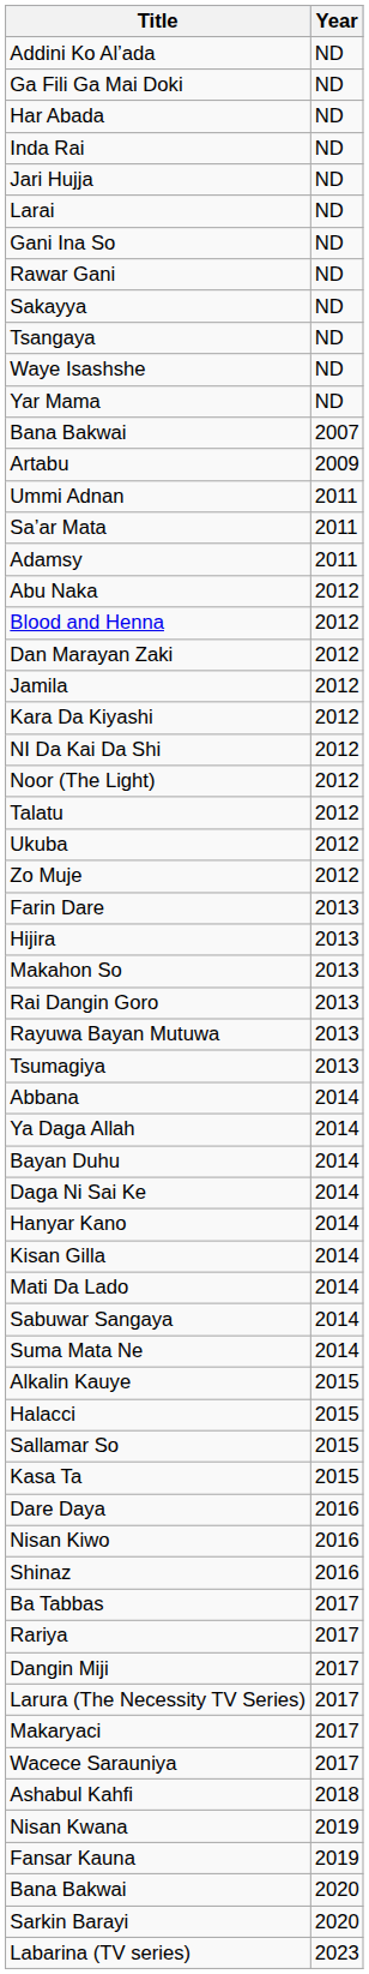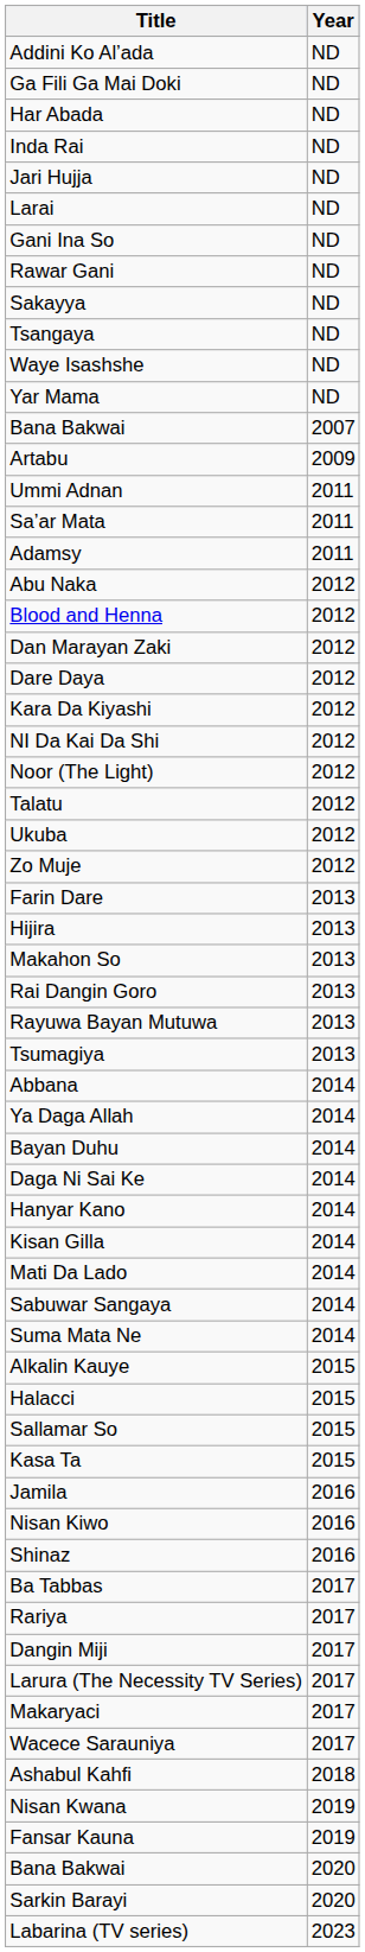 <table class="wikitable sortable">
 <tr style="background:#b0c4de; text-align:center;">
 <th>Title</th>
 <th>Year</th>
 </tr>
 <tr>
 <td>Addini Ko Al’ada</td>
 <td>ND</td>
 </tr>
 <tr>
 <td>Ga Fili Ga Mai Doki</td>
 <td>ND</td>
 </tr>
 <tr>
 <td>Har Abada</td>
 <td>ND</td>
 </tr>
 <tr>
 <td>Inda Rai</td>
 <td>ND</td>
 </tr>
 <tr>
 <td>Jari Hujja</td>
 <td>ND</td>
 </tr>
 <tr>
 <td>Larai</td>
 <td>ND</td>
 </tr>
 <tr>
 <td>Gani Ina So</td>
 <td>ND</td>
 </tr>
 <tr>
 <td>Rawar Gani</td>
 <td>ND</td>
 </tr>
 <tr>
 <td>Sakayya</td>
 <td>ND</td>
 </tr>
 <tr>
 <td>Tsangaya</td>
 <td>ND</td>
 </tr>
 <tr>
 <td>Waye Isashshe</td>
 <td>ND</td>
 </tr>
 <tr>
 <td>Yar Mama</td>
 <td>ND</td>
 </tr>
 <tr>
 <td>Bana Bakwai</td>
 <td>2007</td>
 </tr>
 <tr>
 <td>Artabu</td>
 <td>2009</td>
 </tr>
 <tr>
 <td>Ummi Adnan</td>
 <td>2011</td>
 </tr>
 <tr>
 <td>Sa’ar Mata</td>
 <td>2011</td>
 </tr>
 <tr>
 <td>Adamsy</td>
 <td>2011</td>
 </tr>
 <tr>
 <td>Abu Naka</td>
 <td>2012</td>
 </tr>
 <tr>
 <td><a href='#'>Blood and Henna</a></td>
 <td>2012</td>
 </tr>
 <tr>
 <td>Dan Marayan Zaki</td>
 <td>2012</td>
 </tr>
 <tr>
-<td>Jamila</td>
+<td>Dare Daya</td>
 <td>2012</td>
 </tr>
 <tr>
 <td>Kara Da Kiyashi</td>
 <td>2012</td>
 </tr>
 <tr>
 <td>NI Da Kai Da Shi</td>
 <td>2012</td>
 </tr>
 <tr>
 <td>Noor (The Light)</td>
 <td>2012</td>
 </tr>
 <tr>
 <td>Talatu</td>
 <td>2012</td>
 </tr>
 <tr>
 <td>Ukuba</td>
 <td>2012</td>
 </tr>
 <tr>
 <td>Zo Muje</td>
 <td>2012</td>
 </tr>
 <tr>
 <td>Farin Dare</td>
 <td>2013</td>
 </tr>
 <tr>
 <td>Hijira</td>
 <td>2013</td>
 </tr>
 <tr>
 <td>Makahon So</td>
 <td>2013</td>
 </tr>
 <tr>
 <td>Rai Dangin Goro</td>
 <td>2013</td>
 </tr>
 <tr>
 <td>Rayuwa Bayan Mutuwa</td>
 <td>2013</td>
 </tr>
 <tr>
 <td>Tsumagiya</td>
 <td>2013</td>
 </tr>
 <tr>
 <td>Abbana</td>
 <td>2014</td>
 </tr>
 <tr>
 <td>Ya Daga Allah</td>
 <td>2014</td>
 </tr>
 <tr>
 <td>Bayan Duhu</td>
 <td>2014</td>
 </tr>
 <tr>
 <td>Daga Ni Sai Ke</td>
 <td>2014</td>
 </tr>
 <tr>
 <td>Hanyar Kano</td>
 <td>2014</td>
 </tr>
 <tr>
 <td>Kisan Gilla</td>
 <td>2014</td>
 </tr>
 <tr>
 <td>Mati Da Lado</td>
 <td>2014</td>
 </tr>
 <tr>
 <td>Sabuwar Sangaya</td>
 <td>2014</td>
 </tr>
 <tr>
 <td>Suma Mata Ne</td>
 <td>2014</td>
 </tr>
 <tr>
 <td>Alkalin Kauye</td>
 <td>2015</td>
 </tr>
 <tr>
 <td>Halacci</td>
 <td>2015</td>
 </tr>
 <tr>
 <td>Sallamar So</td>
 <td>2015</td>
 </tr>
 <tr>
 <td>Kasa Ta</td>
 <td>2015</td>
 </tr>
 <tr>
-<td>Dare Daya</td>
+<td>Jamila</td>
 <td>2016</td>
 </tr>
 <tr>
 <td>Nisan Kiwo</td>
 <td>2016</td>
 </tr>
 <tr>
 <td>Shinaz</td>
 <td>2016</td>
 </tr>
 <tr>
 <td>Ba Tabbas</td>
 <td>2017</td>
 </tr>
 <tr>
 <td>Rariya</td>
 <td>2017</td>
 </tr>
 <tr>
 <td>Dangin Miji</td>
 <td>2017</td>
 </tr>
 <tr>
 <td>Larura (The Necessity TV Series)</td>
 <td>2017</td>
 </tr>
 <tr>
 <td>Makaryaci</td>
 <td>2017</td>
 </tr>
 <tr>
 <td>Wacece Sarauniya</td>
 <td>2017</td>
 </tr>
 <tr>
 <td>Ashabul Kahfi</td>
 <td>2018</td>
 </tr>
 <tr>
 <td>Nisan Kwana</td>
 <td>2019</td>
 </tr>
 <tr>
 <td>Fansar Kauna</td>
 <td>2019</td>
 </tr>
 <tr>
 <td>Bana Bakwai</td>
 <td>2020</td>
 </tr>
 <tr>
 <td>Sarkin Barayi</td>
 <td>2020</td>
 </tr>
 <tr>
 <td>Labarina (TV series)</td>
 <td>2023</td>
 </tr>
 </table>
